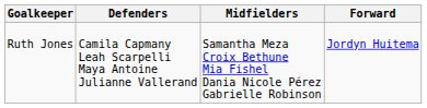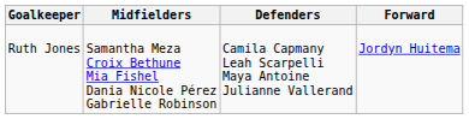 <table class="wikitable">
 <tr>
 <th>Goalkeeper</th>
+<th>Midfielders</th>
 <th>Defenders</th>
-<th>Midfielders</th>
 <th>Forward</th>
 </tr>
 <tr>
 <td valign=top><br> Ruth Jones</td>
+<td valign=top><br> Samantha Meza<br>  <a href='#'>Croix Bethune</a><br>  <a href='#'>Mia Fishel</a><br>  Dania Nicole Pérez<br>  Gabrielle Robinson</td>
 <td valign=top><br> Camila Capmany<br>  Leah Scarpelli<br>  Maya Antoine<br>  Julianne Vallerand</td>
-<td valign=top><br> Samantha Meza<br>  <a href='#'>Croix Bethune</a><br>  <a href='#'>Mia Fishel</a><br>  Dania Nicole Pérez<br>  Gabrielle Robinson</td>
 <td valign=top><br> <a href='#'>Jordyn Huitema</a></td>
 </tr>
 </table>
